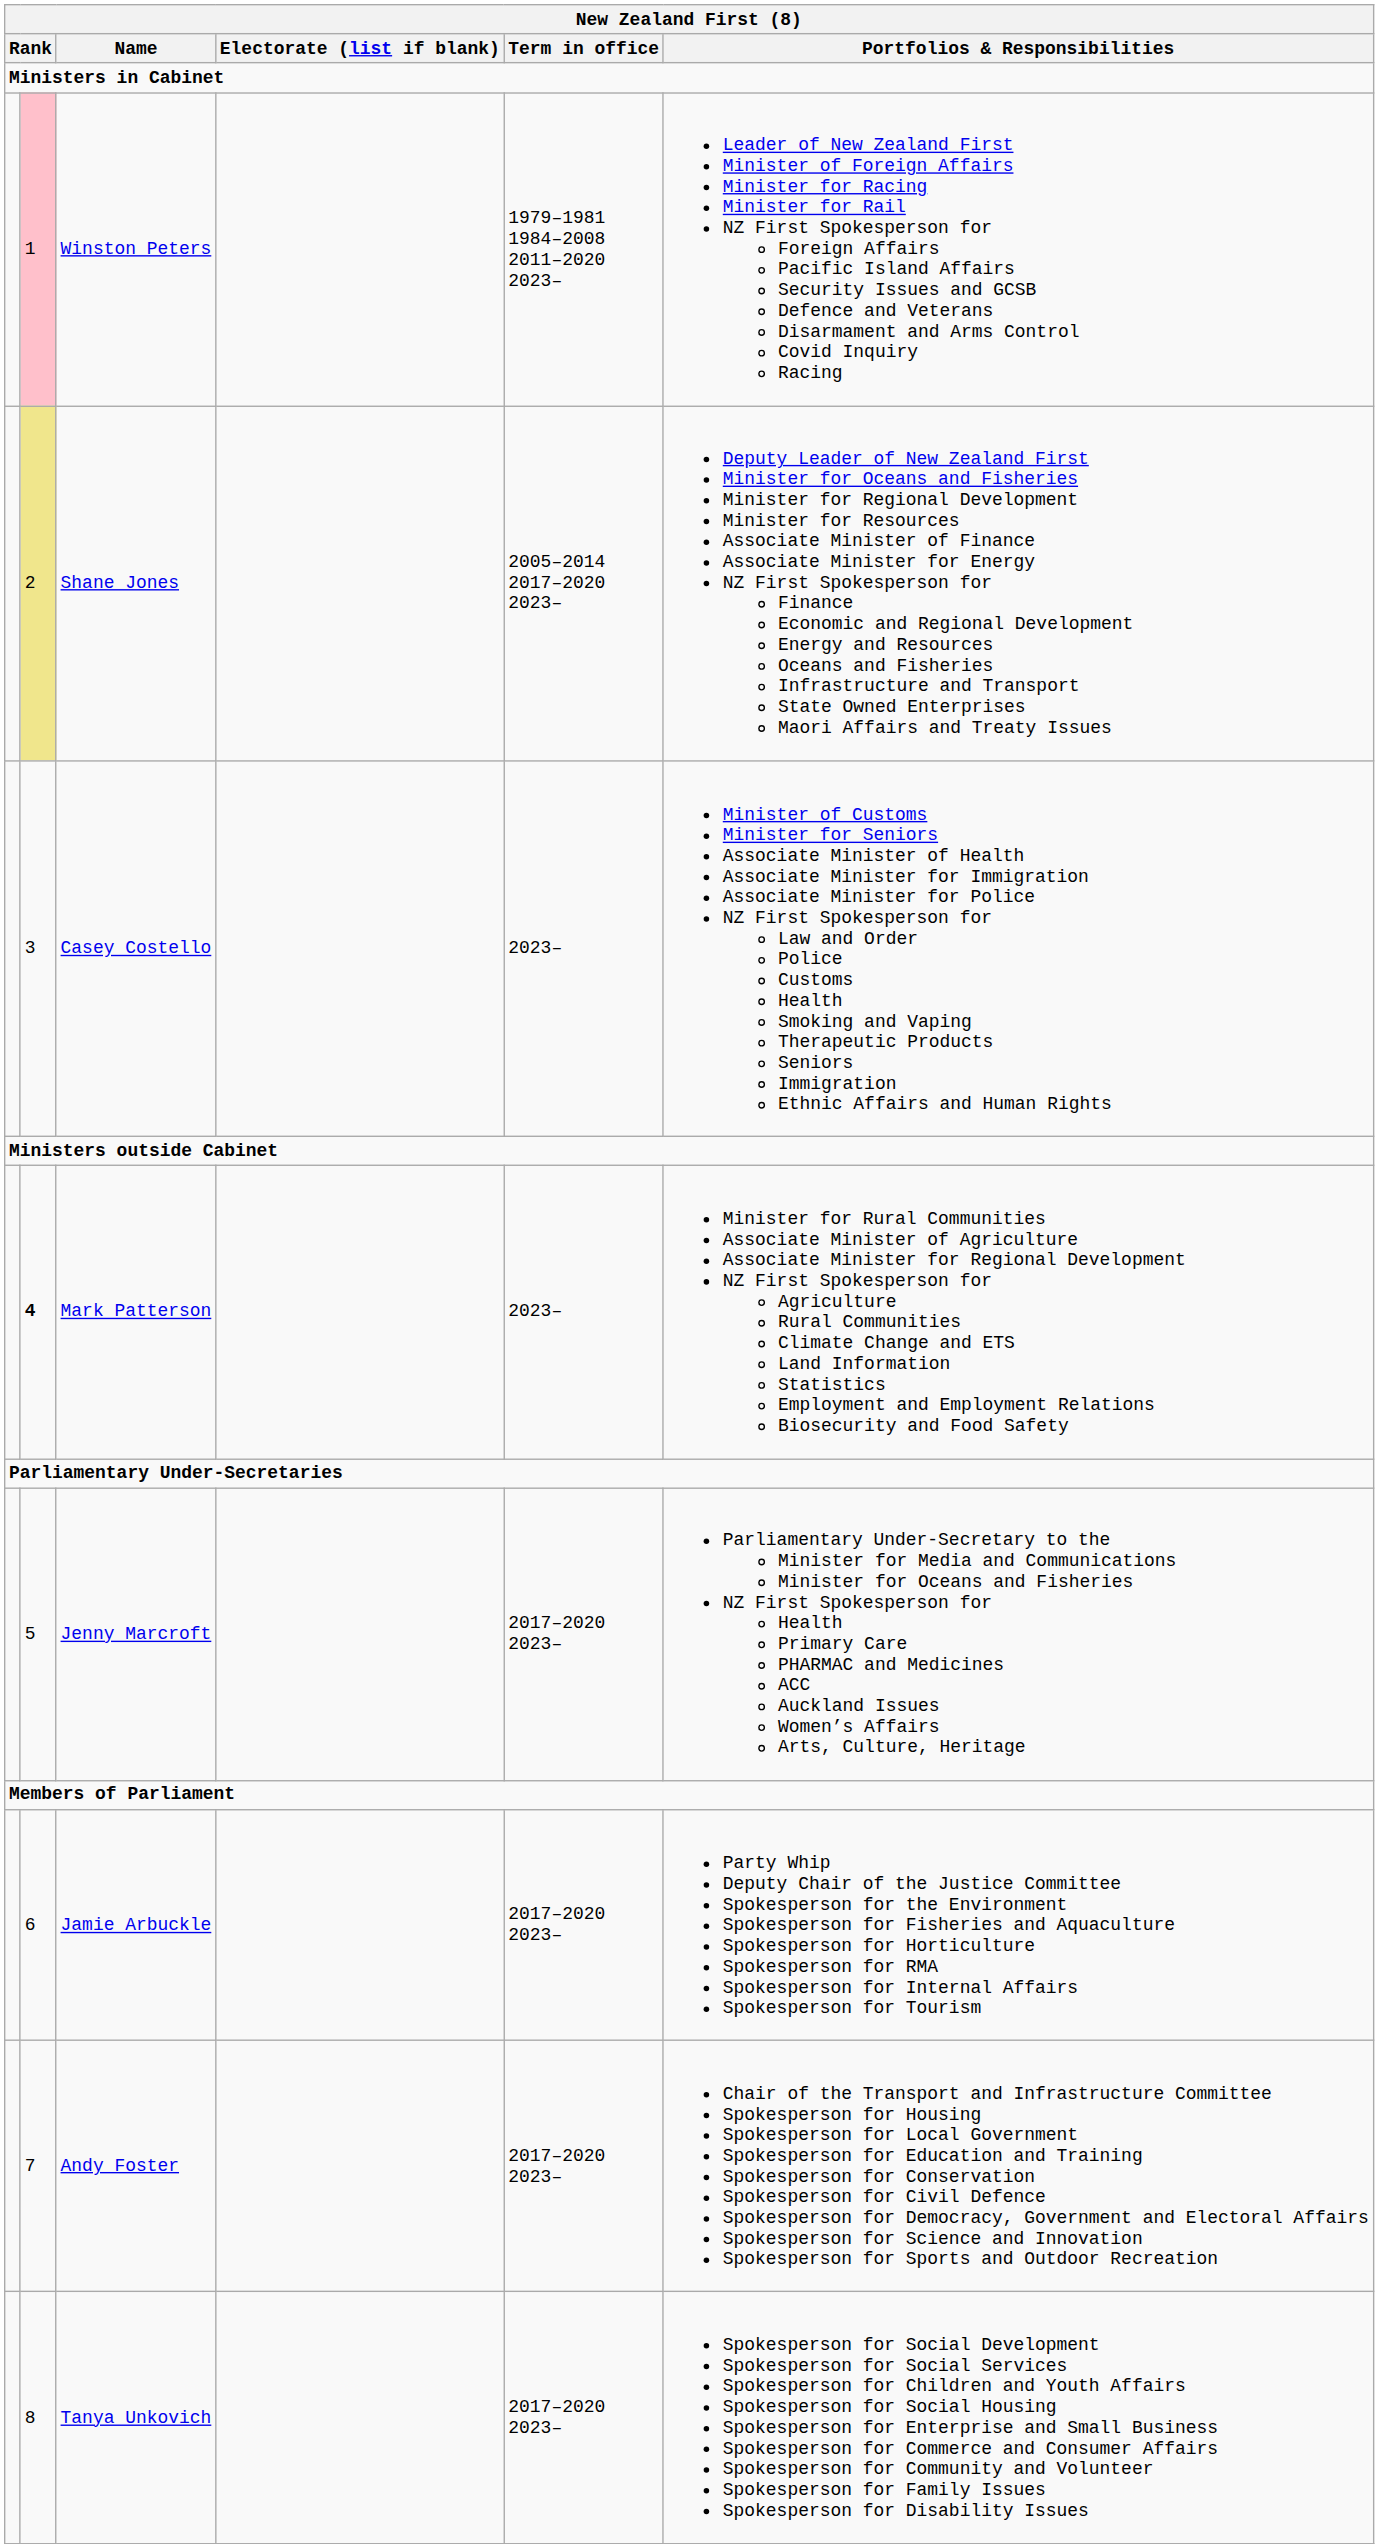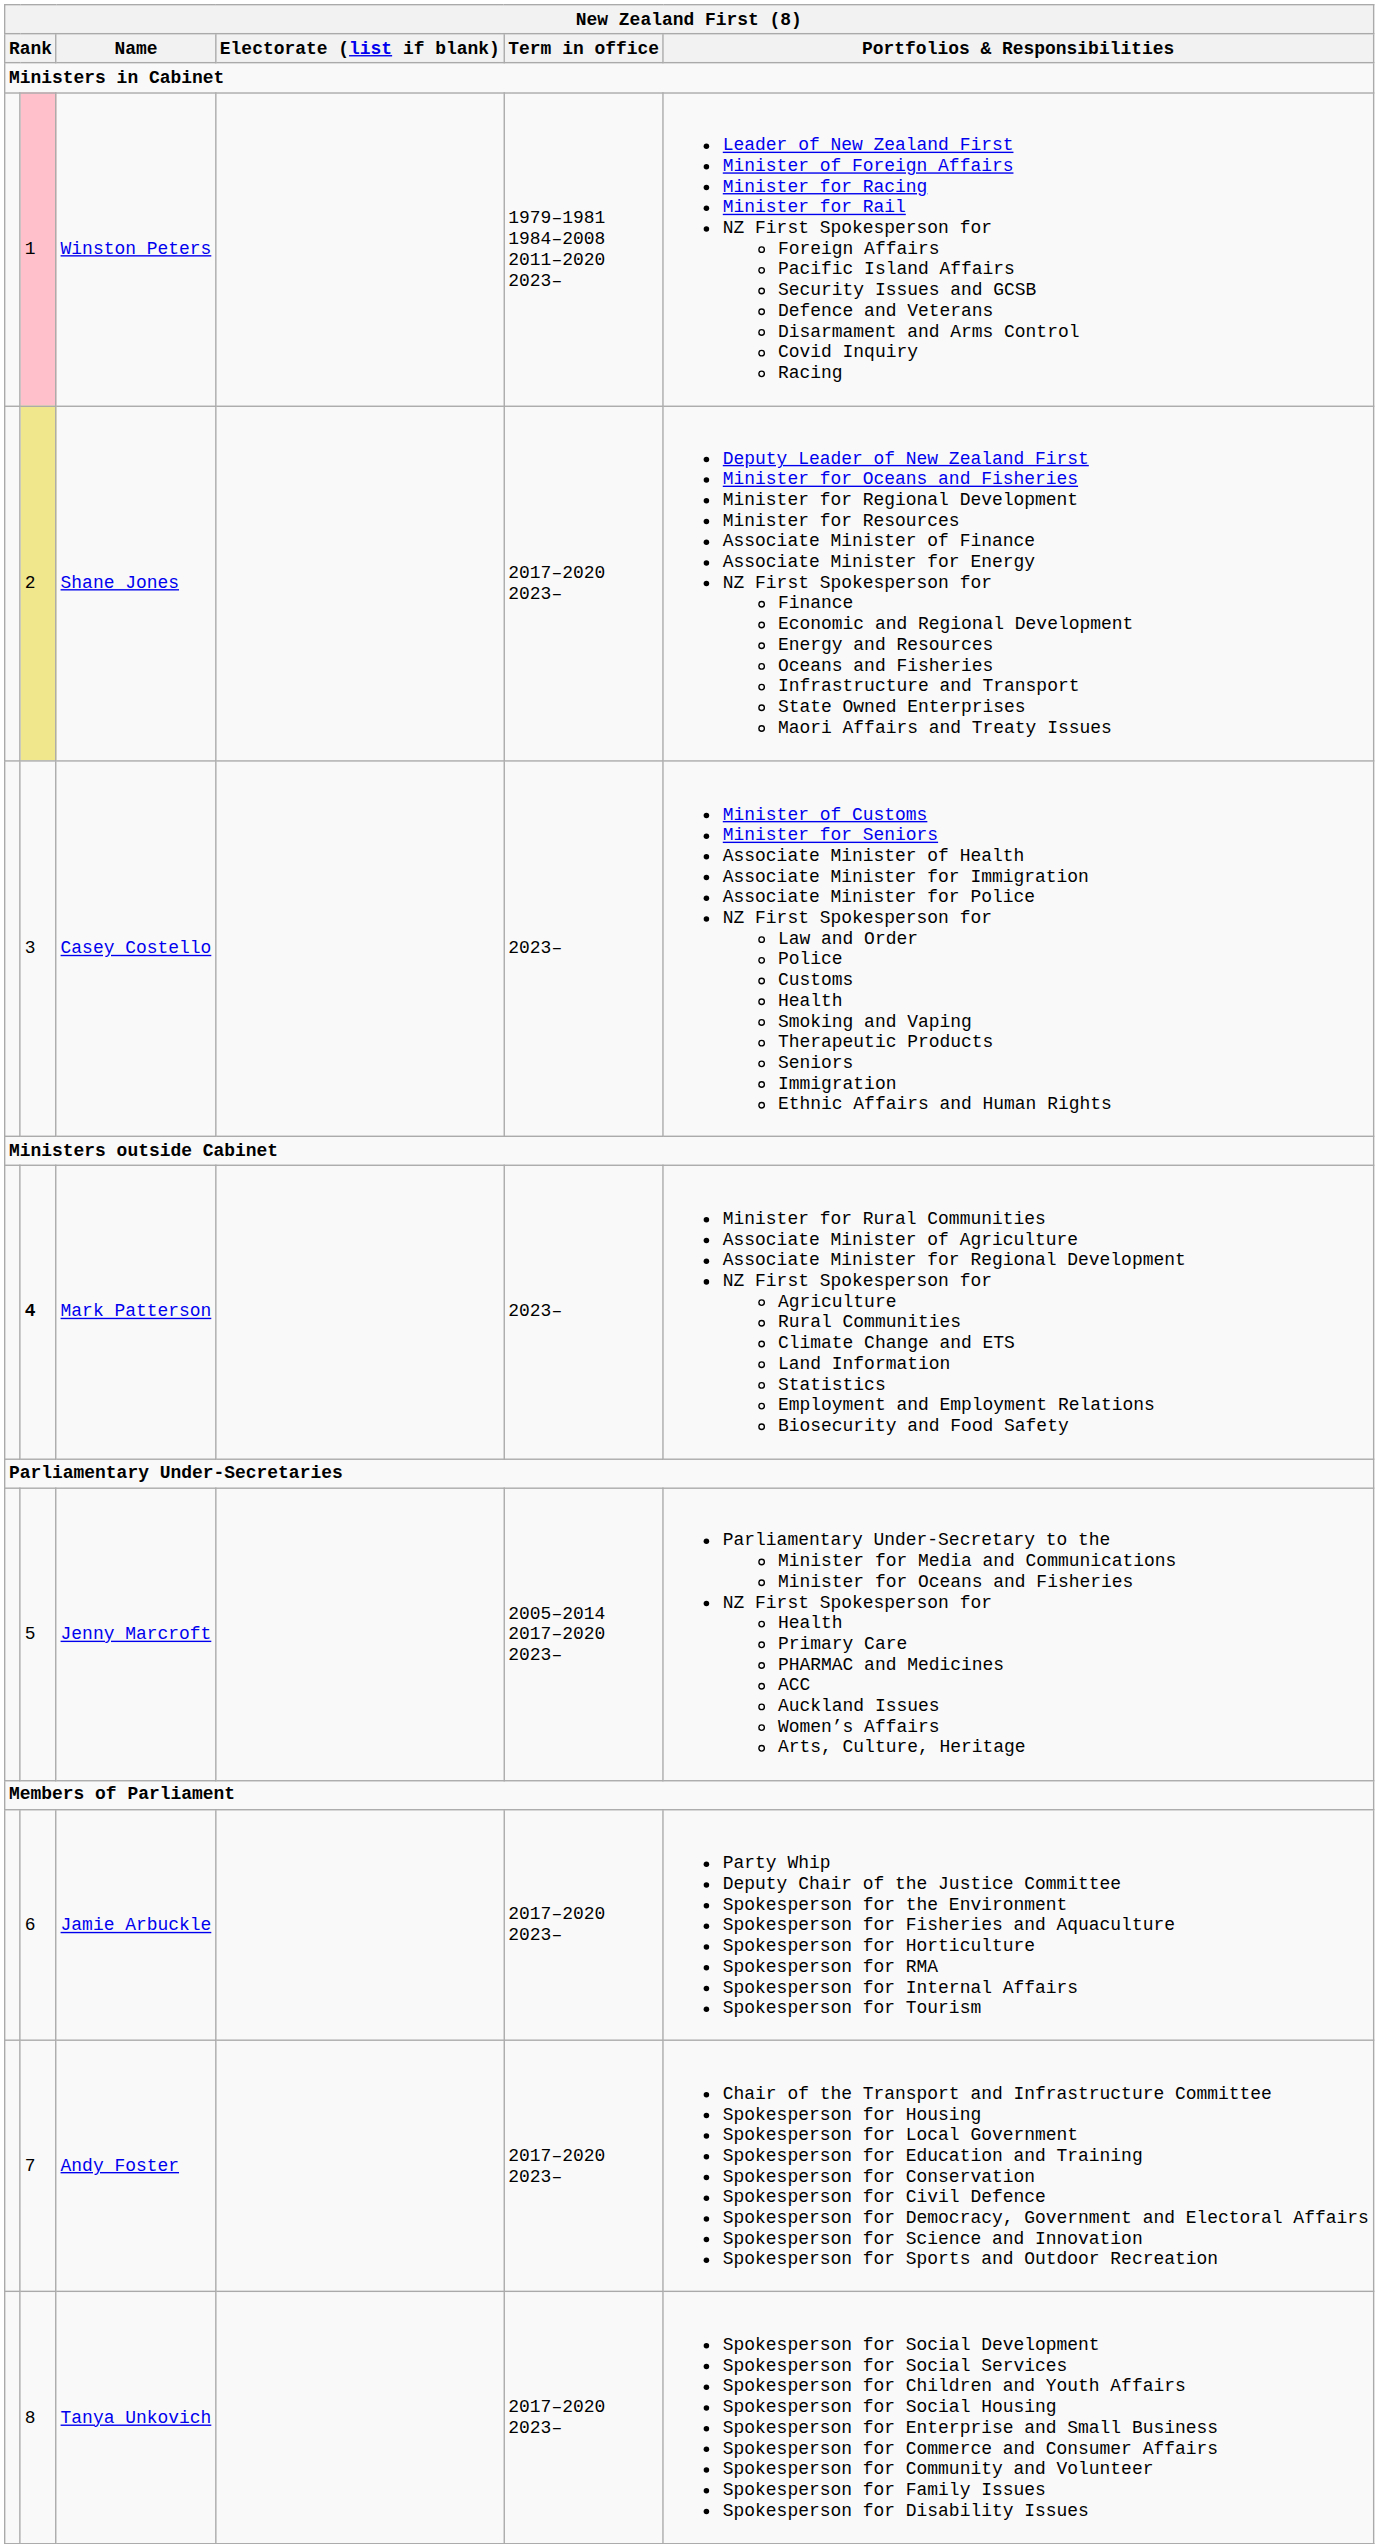 <table role="presentation" class="wikitable mw-collapsible mw-collapsed">
 <tr>
 <th colspan="6" style="width: 700pt; background: ">New Zealand First (8)</th>
 </tr>
 <tr>
 <th colspan="2">Rank</th>
 <th>Name</th>
 <th>Electorate (<a href='#'>list</a> if blank)</th>
 <th>Term in office</th>
 <th>Portfolios & Responsibilities</th>
 </tr>
 <tr>
 <td colspan=6><strong>Ministers in Cabinet</strong></td>
 </tr>
 <tr>
 <td></td>
 <td style="background: pink;">1</td>
 <td><a href='#'>Winston Peters</a></td>
 <td></td>
 <td>1979–1981<br>1984–2008<br>2011–2020<br>2023–</td>
 <td><br><ul><li><a href='#'>Leader of New Zealand First</a></li><li><a href='#'>Minister of Foreign Affairs</a></li><li><a href='#'>Minister for Racing</a></li><li><a href='#'>Minister for Rail</a></li><li>NZ First Spokesperson for<ul><li>Foreign Affairs</li><li>Pacific Island Affairs</li><li>Security Issues and GCSB</li><li>Defence and Veterans</li><li>Disarmament and Arms Control</li><li>Covid Inquiry</li><li>Racing</li></ul></li></ul></td>
 </tr>
 <tr>
 <td></td>
 <td style="background: khaki;">2</td>
 <td><a href='#'>Shane Jones</a></td>
 <td></td>
-<td>2005–2014<br>2017–2020<br>2023–</td>
+<td>2017–2020<br>2023–</td>
 <td><br><ul><li><a href='#'>Deputy Leader of New Zealand First</a></li><li><a href='#'>Minister for Oceans and Fisheries</a></li><li>Minister for Regional Development</li><li>Minister for Resources</li><li>Associate Minister of Finance</li><li>Associate Minister for Energy</li><li>NZ First Spokesperson for<ul><li>Finance</li><li>Economic and Regional Development</li><li>Energy and Resources</li><li>Oceans and Fisheries</li><li>Infrastructure and Transport</li><li>State Owned Enterprises</li><li>Maori Affairs and Treaty Issues</li></ul></li></ul></td>
 </tr>
 <tr>
 <td></td>
 <td>3</td>
 <td><a href='#'>Casey Costello</a></td>
 <td></td>
 <td>2023–</td>
 <td><br><ul><li><a href='#'>Minister of Customs</a></li><li><a href='#'>Minister for Seniors</a></li><li>Associate Minister of Health</li><li>Associate Minister for Immigration</li><li>Associate Minister for Police</li><li>NZ First Spokesperson for<ul><li>Law and Order</li><li>Police</li><li>Customs</li><li>Health</li><li>Smoking and Vaping</li><li>Therapeutic Products</li><li>Seniors</li><li>Immigration</li><li>Ethnic Affairs and Human Rights</li></ul></li></ul></td>
 </tr>
 <tr>
 <td colspan=6><strong>Ministers outside Cabinet</strong></td>
 </tr>
 <tr>
 <td></td>
 <td><strong>4</strong></td>
 <td><a href='#'>Mark Patterson</a></td>
 <td></td>
 <td>2023–</td>
 <td><br><ul><li>Minister for Rural Communities</li><li>Associate Minister of Agriculture</li><li>Associate Minister for Regional Development</li><li>NZ First Spokesperson for<ul><li>Agriculture</li><li>Rural Communities</li><li>Climate Change and ETS</li><li>Land Information</li><li>Statistics</li><li>Employment and Employment Relations</li><li>Biosecurity and Food Safety</li></ul></li></ul></td>
 </tr>
 <tr>
 <td colspan=6><strong>Parliamentary Under-Secretaries</strong></td>
 </tr>
 <tr>
 <td></td>
 <td>5</td>
 <td><a href='#'>Jenny Marcroft</a></td>
 <td></td>
-<td>2017–2020<br>2023–</td>
+<td>2005–2014<br>2017–2020<br>2023–</td>
 <td><br><ul><li>Parliamentary Under-Secretary to the<ul><li>Minister for Media and Communications</li><li>Minister for Oceans and Fisheries</li></ul></li><li>NZ First Spokesperson for<ul><li>Health</li><li>Primary Care</li><li>PHARMAC and Medicines</li><li>ACC</li><li>Auckland Issues</li><li>Women’s Affairs</li><li>Arts, Culture, Heritage</li></ul></li></ul></td>
 </tr>
 <tr>
 <td colspan=6><strong>Members of Parliament</strong></td>
 </tr>
 <tr>
 <td></td>
 <td>6</td>
 <td><a href='#'>Jamie Arbuckle</a></td>
 <td></td>
 <td>2017–2020<br>2023–</td>
 <td><br><ul><li>Party Whip</li><li>Deputy Chair of the Justice Committee</li><li>Spokesperson for the Environment</li><li>Spokesperson for Fisheries and Aquaculture</li><li>Spokesperson for Horticulture</li><li>Spokesperson for RMA</li><li>Spokesperson for Internal Affairs</li><li>Spokesperson for Tourism</li></ul></td>
 </tr>
 <tr>
 <td></td>
 <td>7</td>
 <td><a href='#'>Andy Foster</a></td>
 <td></td>
 <td>2017–2020<br>2023–</td>
 <td><br><ul><li>Chair of the Transport and Infrastructure Committee</li><li>Spokesperson for Housing</li><li>Spokesperson for Local Government</li><li>Spokesperson for Education and Training</li><li>Spokesperson for Conservation</li><li>Spokesperson for Civil Defence</li><li>Spokesperson for Democracy, Government and Electoral Affairs</li><li>Spokesperson for Science and Innovation</li><li>Spokesperson for Sports and Outdoor Recreation</li></ul></td>
 </tr>
 <tr>
 <td></td>
 <td>8</td>
 <td><a href='#'>Tanya Unkovich</a></td>
 <td></td>
 <td>2017–2020<br>2023–</td>
 <td><br><ul><li>Spokesperson for Social Development</li><li>Spokesperson for Social Services</li><li>Spokesperson for Children and Youth Affairs</li><li>Spokesperson for Social Housing</li><li>Spokesperson for Enterprise and Small Business</li><li>Spokesperson for Commerce and Consumer Affairs</li><li>Spokesperson for Community and Volunteer</li><li>Spokesperson for Family Issues</li><li>Spokesperson for Disability Issues</li></ul></td>
 </tr>
 <tr>
 </tr>
 </table>
